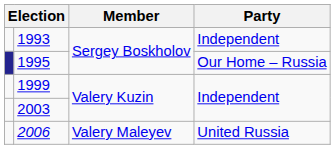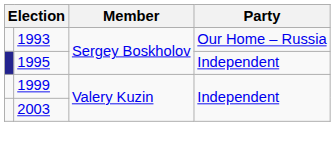 <table class="wikitable">
 <tr>
 <th colspan="2">Election</th>
 <th>Member</th>
 <th>Party</th>
 </tr>
 <tr>
 <td style="background-color:"></td>
 <td><a href='#'>1993</a></td>
 <td rowspan=2><a href='#'>Sergey Boskholov</a></td>
-<td><a href='#'>Independent</a></td>
+<td><a href='#'>Our Home – Russia</a></td>
 </tr>
 <tr>
 <td style="background-color:#23238E"></td>
 <td><a href='#'>1995</a></td>
-<td><a href='#'>Our Home – Russia</a></td>
+<td><a href='#'>Independent</a></td>
 </tr>
 <tr>
 <td style="background-color:"></td>
 <td><a href='#'>1999</a></td>
 <td rowspan=2><a href='#'>Valery Kuzin</a></td>
 <td rowspan=2><a href='#'>Independent</a></td>
 </tr>
 <tr>
 <td style="background-color:"></td>
 <td><a href='#'>2003</a></td>
 </tr>
-<tr>
-<td style="background-color:"></td>
-<td><em><a href='#'>2006</a></em></td>
-<td><a href='#'>Valery Maleyev</a></td>
-<td><a href='#'>United Russia</a></td>
-</tr>
 </table>
